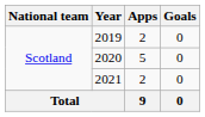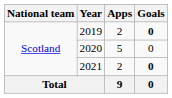 <table class=wikitable style=text-align:center>
 <tr>
 <th>National team</th>
 <th>Year</th>
 <th>Apps</th>
 <th>Goals</th>
 </tr>
 <tr>
 <td rowspan=3><a href='#'>Scotland</a></td>
 <td>2019</td>
 <td>2</td>
-<td>0</td>
+<td><strong>0</strong></td>
 </tr>
 <tr>
 <td>2020</td>
 <td>5</td>
 <td>0</td>
 </tr>
 <tr>
 <td>2021</td>
 <td>2</td>
-<td>0</td>
+<td><strong>0</strong></td>
 </tr>
 <tr>
 <th colspan=2>Total</th>
 <th>9</th>
 <th>0</th>
 </tr>
 </table>
